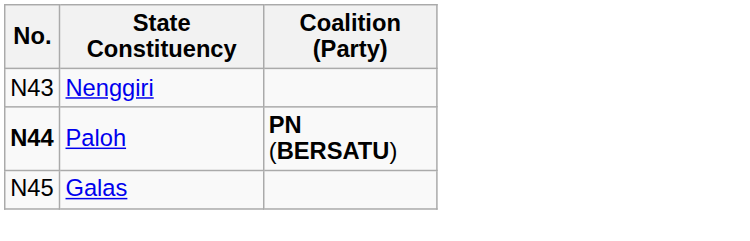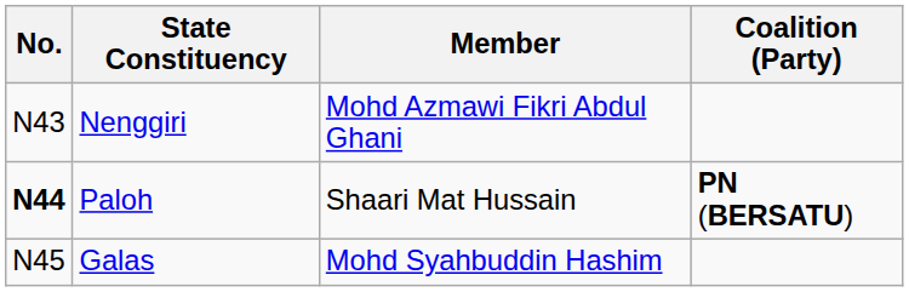 <table class="wikitable">
 <tr>
 <th width="30">No.</th>
 <th width="130">State Constituency</th>
+<th width="200">Member</th>
 <th width="110">Coalition (Party)</th>
 </tr>
 <tr>
 <td>N43</td>
 <td><a href='#'>Nenggiri</a></td>
+<td><a href='#'>Mohd Azmawi Fikri Abdul Ghani</a></td>
 <td></td>
 </tr>
 <tr>
 <td><strong>N44</strong></td>
 <td><a href='#'>Paloh</a></td>
+<td>Shaari Mat Hussain</td>
 <td style="background:"><strong>PN</strong> (<strong>BERSATU</strong>)</td>
 </tr>
 <tr>
 <td>N45</td>
 <td><a href='#'>Galas</a></td>
+<td><a href='#'>Mohd Syahbuddin Hashim</a></td>
 <td></td>
 </tr>
 </table>
